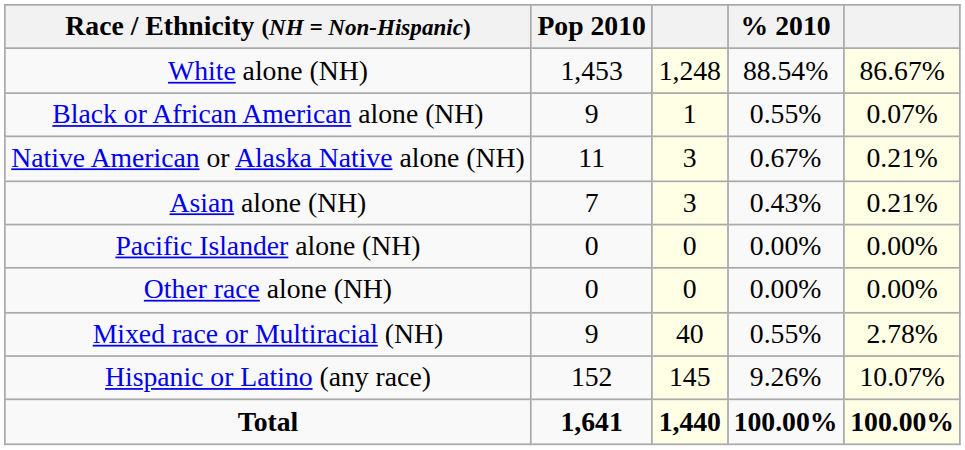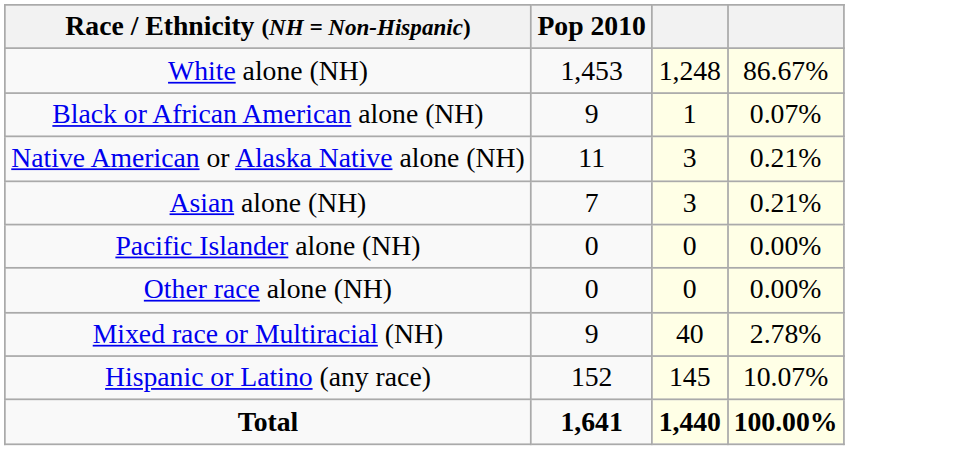 <table class="wikitable" style="text-align:center;">
 <tr>
 <th>Race / Ethnicity <small>(<em>NH = Non-Hispanic</em>)</small></th>
 <th>Pop 2010</th>
 <th></th>
-<th>% 2010</th>
 <th></th>
 </tr>
 <tr>
 <td><a href='#'>White</a> alone (NH)</td>
 <td>1,453</td>
 <td style='background: #ffffe6;'>1,248</td>
-<td>88.54%</td>
 <td style='background: #ffffe6;'>86.67%</td>
 </tr>
 <tr>
 <td><a href='#'>Black or African American</a> alone (NH)</td>
 <td>9</td>
 <td style='background: #ffffe6;'>1</td>
-<td>0.55%</td>
 <td style='background: #ffffe6;'>0.07%</td>
 </tr>
 <tr>
 <td><a href='#'>Native American</a> or <a href='#'>Alaska Native</a> alone (NH)</td>
 <td>11</td>
 <td style='background: #ffffe6;'>3</td>
-<td>0.67%</td>
 <td style='background: #ffffe6;'>0.21%</td>
 </tr>
 <tr>
 <td><a href='#'>Asian</a> alone (NH)</td>
 <td>7</td>
 <td style='background: #ffffe6;'>3</td>
-<td>0.43%</td>
 <td style='background: #ffffe6;'>0.21%</td>
 </tr>
 <tr>
 <td><a href='#'>Pacific Islander</a> alone (NH)</td>
 <td>0</td>
 <td style='background: #ffffe6;'>0</td>
-<td>0.00%</td>
 <td style='background: #ffffe6;'>0.00%</td>
 </tr>
 <tr>
 <td><a href='#'>Other race</a> alone (NH)</td>
 <td>0</td>
 <td style='background: #ffffe6;'>0</td>
-<td>0.00%</td>
 <td style='background: #ffffe6;'>0.00%</td>
 </tr>
 <tr>
 <td><a href='#'>Mixed race or Multiracial</a> (NH)</td>
 <td>9</td>
 <td style='background: #ffffe6;'>40</td>
-<td>0.55%</td>
 <td style='background: #ffffe6;'>2.78%</td>
 </tr>
 <tr>
 <td><a href='#'>Hispanic or Latino</a> (any race)</td>
 <td>152</td>
 <td style='background: #ffffe6;'>145</td>
-<td>9.26%</td>
 <td style='background: #ffffe6;'>10.07%</td>
 </tr>
 <tr>
 <td><strong>Total</strong></td>
 <td><strong>1,641</strong></td>
 <td style='background: #ffffe6;'><strong>1,440</strong></td>
-<td><strong>100.00%</strong></td>
 <td style='background: #ffffe6;'><strong>100.00%</strong></td>
 </tr>
 </table>
